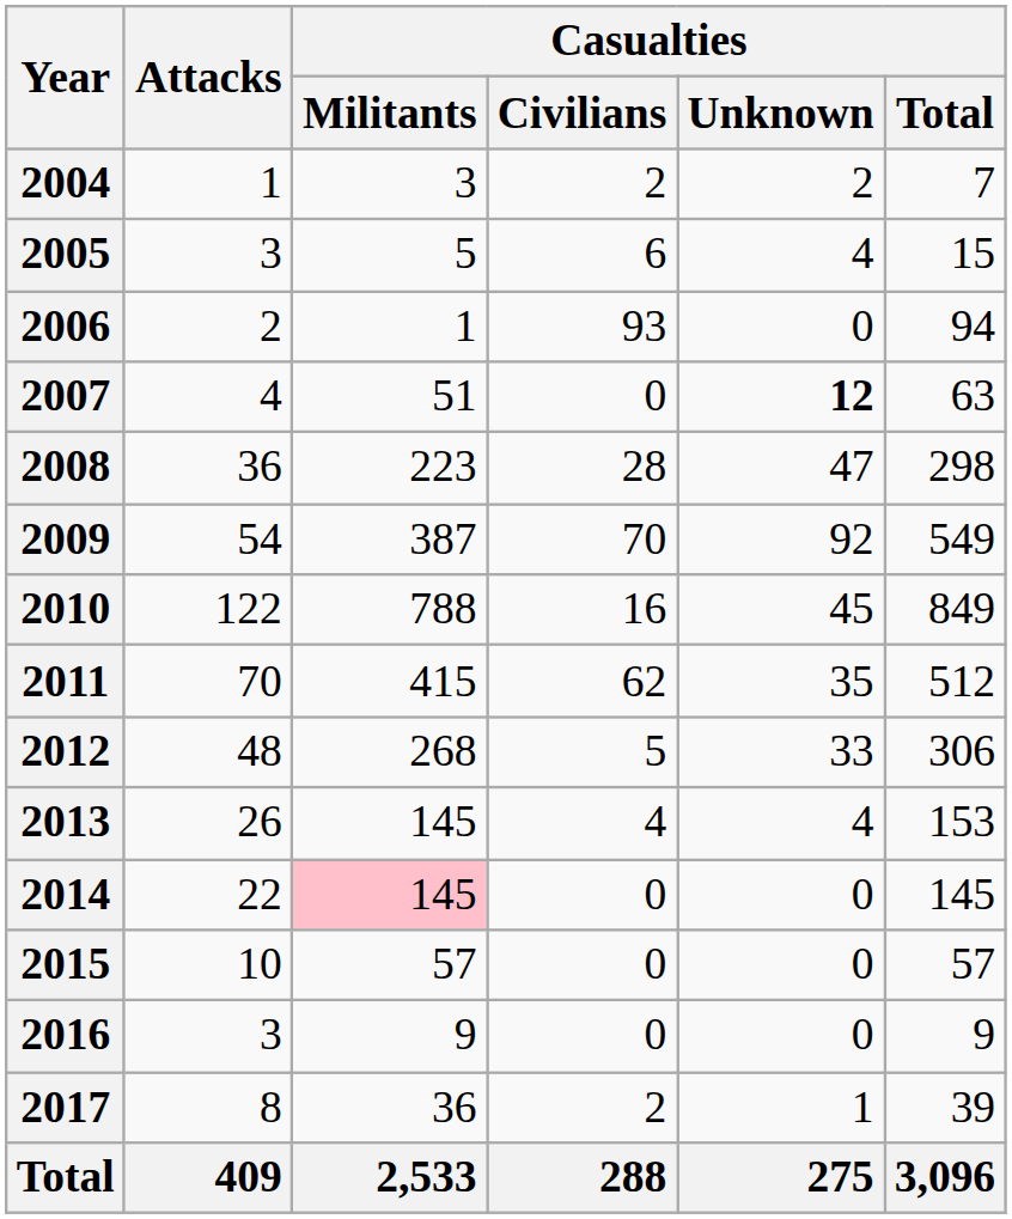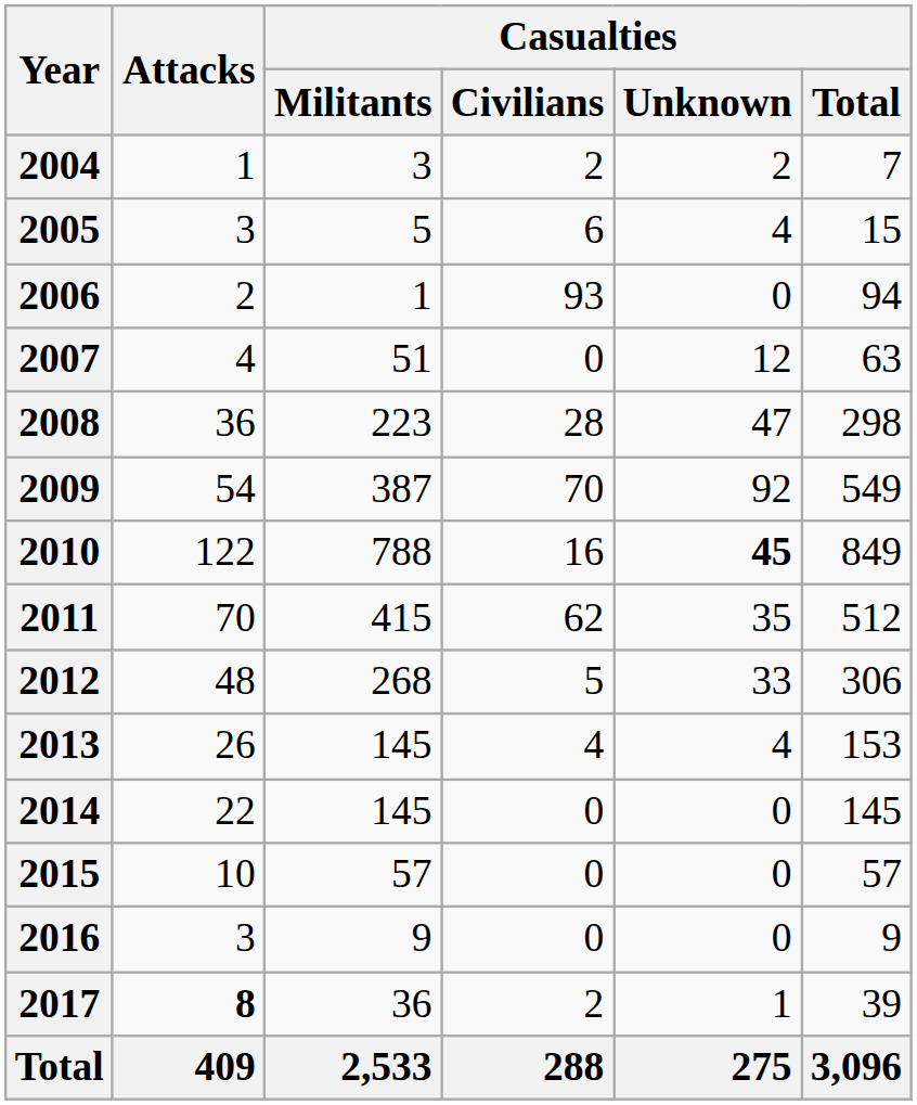 <table class="wikitable" style="text-align:right; width:350px;">
 <tr>
 <th rowspan=2>Year</th>
 <th rowspan=2>Attacks</th>
 <th colspan=4>Casualties</th>
 </tr>
 <tr>
 <th>Militants</th>
 <th>Civilians</th>
 <th>Unknown</th>
 <th>Total</th>
 </tr>
 <tr>
 <th>2004</th>
 <td>1</td>
 <td>3</td>
 <td>2</td>
 <td>2</td>
 <td>7</td>
 </tr>
 <tr>
 <th>2005</th>
 <td>3</td>
 <td>5</td>
 <td>6</td>
 <td>4</td>
 <td>15</td>
 </tr>
 <tr>
 <th>2006</th>
 <td>2</td>
 <td>1</td>
 <td>93</td>
 <td>0</td>
 <td>94</td>
 </tr>
 <tr>
 <th>2007</th>
 <td>4</td>
 <td>51</td>
 <td>0</td>
-<td><strong>12</strong></td>
+<td>12</td>
 <td>63</td>
 </tr>
 <tr>
 <th>2008</th>
 <td>36</td>
 <td>223</td>
 <td>28</td>
 <td>47</td>
 <td>298</td>
 </tr>
 <tr>
 <th>2009</th>
 <td>54</td>
 <td>387</td>
 <td>70</td>
 <td>92</td>
 <td>549</td>
 </tr>
 <tr>
 <th>2010</th>
 <td>122</td>
 <td>788</td>
 <td>16</td>
-<td>45</td>
+<td><strong>45</strong></td>
 <td>849</td>
 </tr>
 <tr>
 <th>2011</th>
 <td>70</td>
 <td>415</td>
 <td>62</td>
 <td>35</td>
 <td>512</td>
 </tr>
 <tr>
 <th>2012</th>
 <td>48</td>
 <td>268</td>
 <td>5</td>
 <td>33</td>
 <td>306</td>
 </tr>
 <tr>
 <th>2013</th>
 <td>26</td>
 <td>145</td>
 <td>4</td>
 <td>4</td>
 <td>153</td>
 </tr>
 <tr>
 <th>2014</th>
 <td>22</td>
-<td style="background: pink;">145</td>
+<td>145</td>
 <td>0</td>
 <td>0</td>
 <td>145</td>
 </tr>
 <tr>
 <th>2015</th>
 <td>10</td>
 <td>57</td>
 <td>0</td>
 <td>0</td>
 <td>57</td>
 </tr>
 <tr>
 <th>2016</th>
 <td>3</td>
 <td>9</td>
 <td>0</td>
 <td>0</td>
 <td>9</td>
 </tr>
 <tr>
 <th>2017</th>
-<td>8</td>
+<td><strong>8</strong></td>
 <td>36</td>
 <td>2</td>
 <td>1</td>
 <td>39</td>
 </tr>
 <tr style="background:#f2f2f2;">
 <th>Total</th>
 <td><strong>409</strong></td>
 <td><strong>2,533</strong></td>
 <td><strong>288</strong></td>
 <td><strong>275</strong></td>
 <td><strong>3,096</strong></td>
 </tr>
 </table>
